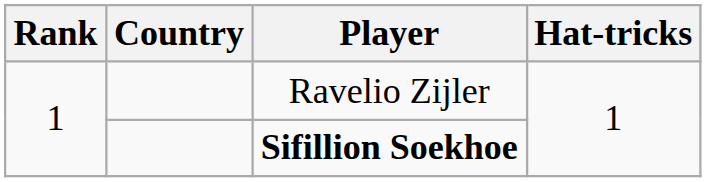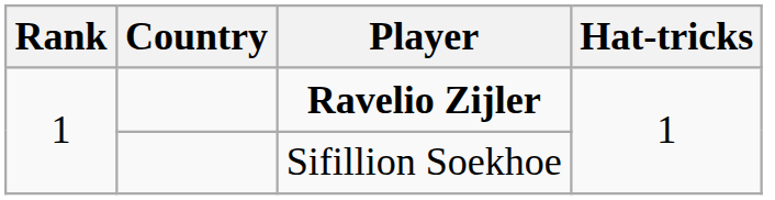 <table class="wikitable" style="text-align:center;">
 <tr>
 <th>Rank</th>
 <th>Country</th>
 <th>Player</th>
 <th>Hat-tricks</th>
 </tr>
 <tr>
 <td rowspan=10>1</td>
 <td></td>
-<td>Ravelio Zijler</td>
+<td><strong>Ravelio Zijler</strong></td>
 <td rowspan=10>1</td>
 </tr>
 <tr>
 <td></td>
-<td><strong>Sifillion Soekhoe</strong></td>
+<td>Sifillion Soekhoe</td>
 </tr>
 </table>
